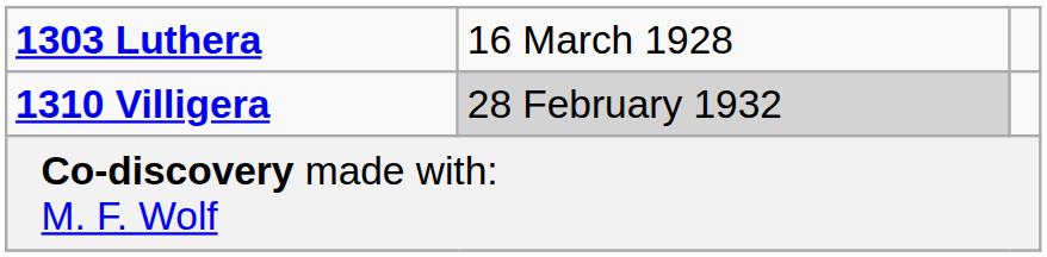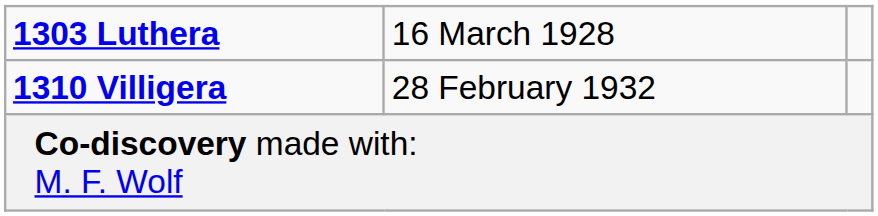 <table class="wikitable" style="font-size: 89%; float: left; width: 26em; margin-right: 1em;">
 <tr>
 <td><strong><a href='#'>1303 Luthera</a></strong></td>
 <td>16 March 1928</td>
 <td></td>
 </tr>
 <tr>
 <td><strong><a href='#'>1310 Villigera</a></strong></td>
-<td style="background: lightgrey;">28 February 1932</td>
+<td>28 February 1932</td>
 <td></td>
 </tr>
 <tr>
 <th colspan=3 style="font-weight: normal; text-align: left; padding: 4px 12px;"><strong>Co-discovery</strong> made with:<br> <a href='#'>M. F. Wolf</a></th>
 </tr>
 </table>
